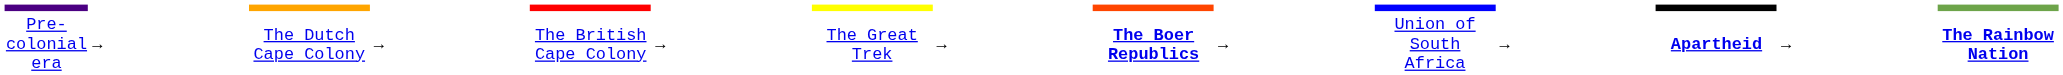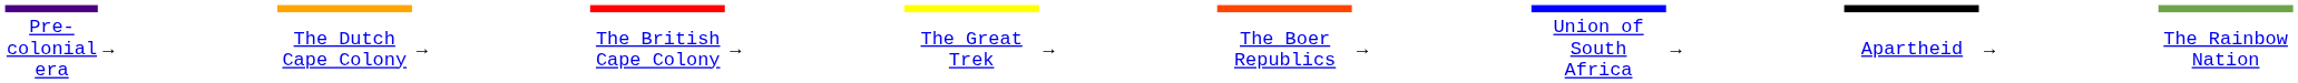 <table class="toccolours">
 <tr>
 <td style="background-color:indigo; height:3px;"></td>
 <td></td>
 <td style="background-color:orange; width:3px;"></td>
 <td></td>
 <td style="background-color:red; width:3px;"></td>
 <td></td>
 <td style="background-color:yellow; width:3px;"></td>
 <td></td>
 <td style="background-color:orangered; width:3px;"></td>
 <td></td>
 <td style="background-color:blue; width:3px;"></td>
 <td></td>
 <td style="background-color:black; width:3px;"></td>
 <td></td>
 <td style="background-color:#6da44a;"></td>
 </tr>
 <tr>
 <td width="30px" align="center"><a href='#'>Pre-colonial era</a></td>
 <td>→</td>
 <td width="6%" align="center"><a href='#'>The Dutch Cape Colony</a></td>
 <td>→</td>
 <td width="6%" align="center"><a href='#'>The British Cape Colony</a></td>
 <td>→</td>
 <td width="6%" align="center"><a href='#'>The Great Trek</a></td>
 <td>→</td>
-<td width="6%" align="center"><strong><a href='#'>The Boer Republics</a></strong></td>
+<td width="6%" align="center"><a href='#'>The Boer Republics</a></td>
 <td>→</td>
 <td width="6%" align="center"><a href='#'>Union of South Africa</a></td>
 <td>→</td>
-<td width="6%" align="center"><strong><a href='#'>Apartheid</a></strong></td>
+<td width="6%" align="center"><a href='#'>Apartheid</a></td>
 <td>→</td>
-<td width="6%" align="center"><strong><a href='#'>The Rainbow Nation</a></strong></td>
+<td width="6%" align="center"><a href='#'>The Rainbow Nation</a></td>
 </tr>
 </table>
